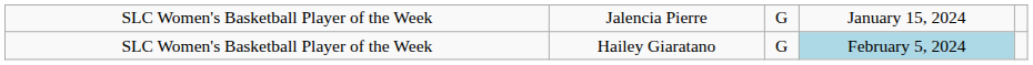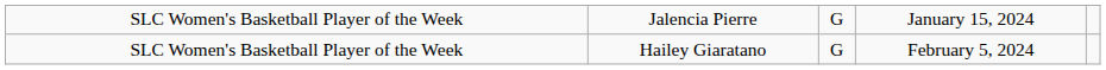 <table class="wikitable" style="width: 60%;text-align: center;">
 <tr align="center">
 <td rowspan="1">SLC Women's Basketball Player of the Week</td>
 <td>Jalencia Pierre</td>
 <td>G</td>
 <td>January 15, 2024</td>
 <td></td>
 </tr>
 <tr align="center">
 <td rowspan="1">SLC Women's Basketball Player of the Week</td>
 <td>Hailey Giaratano</td>
 <td>G</td>
-<td style="background: lightblue;">February 5, 2024</td>
+<td>February 5, 2024</td>
 <td></td>
 </tr>
 </table>
